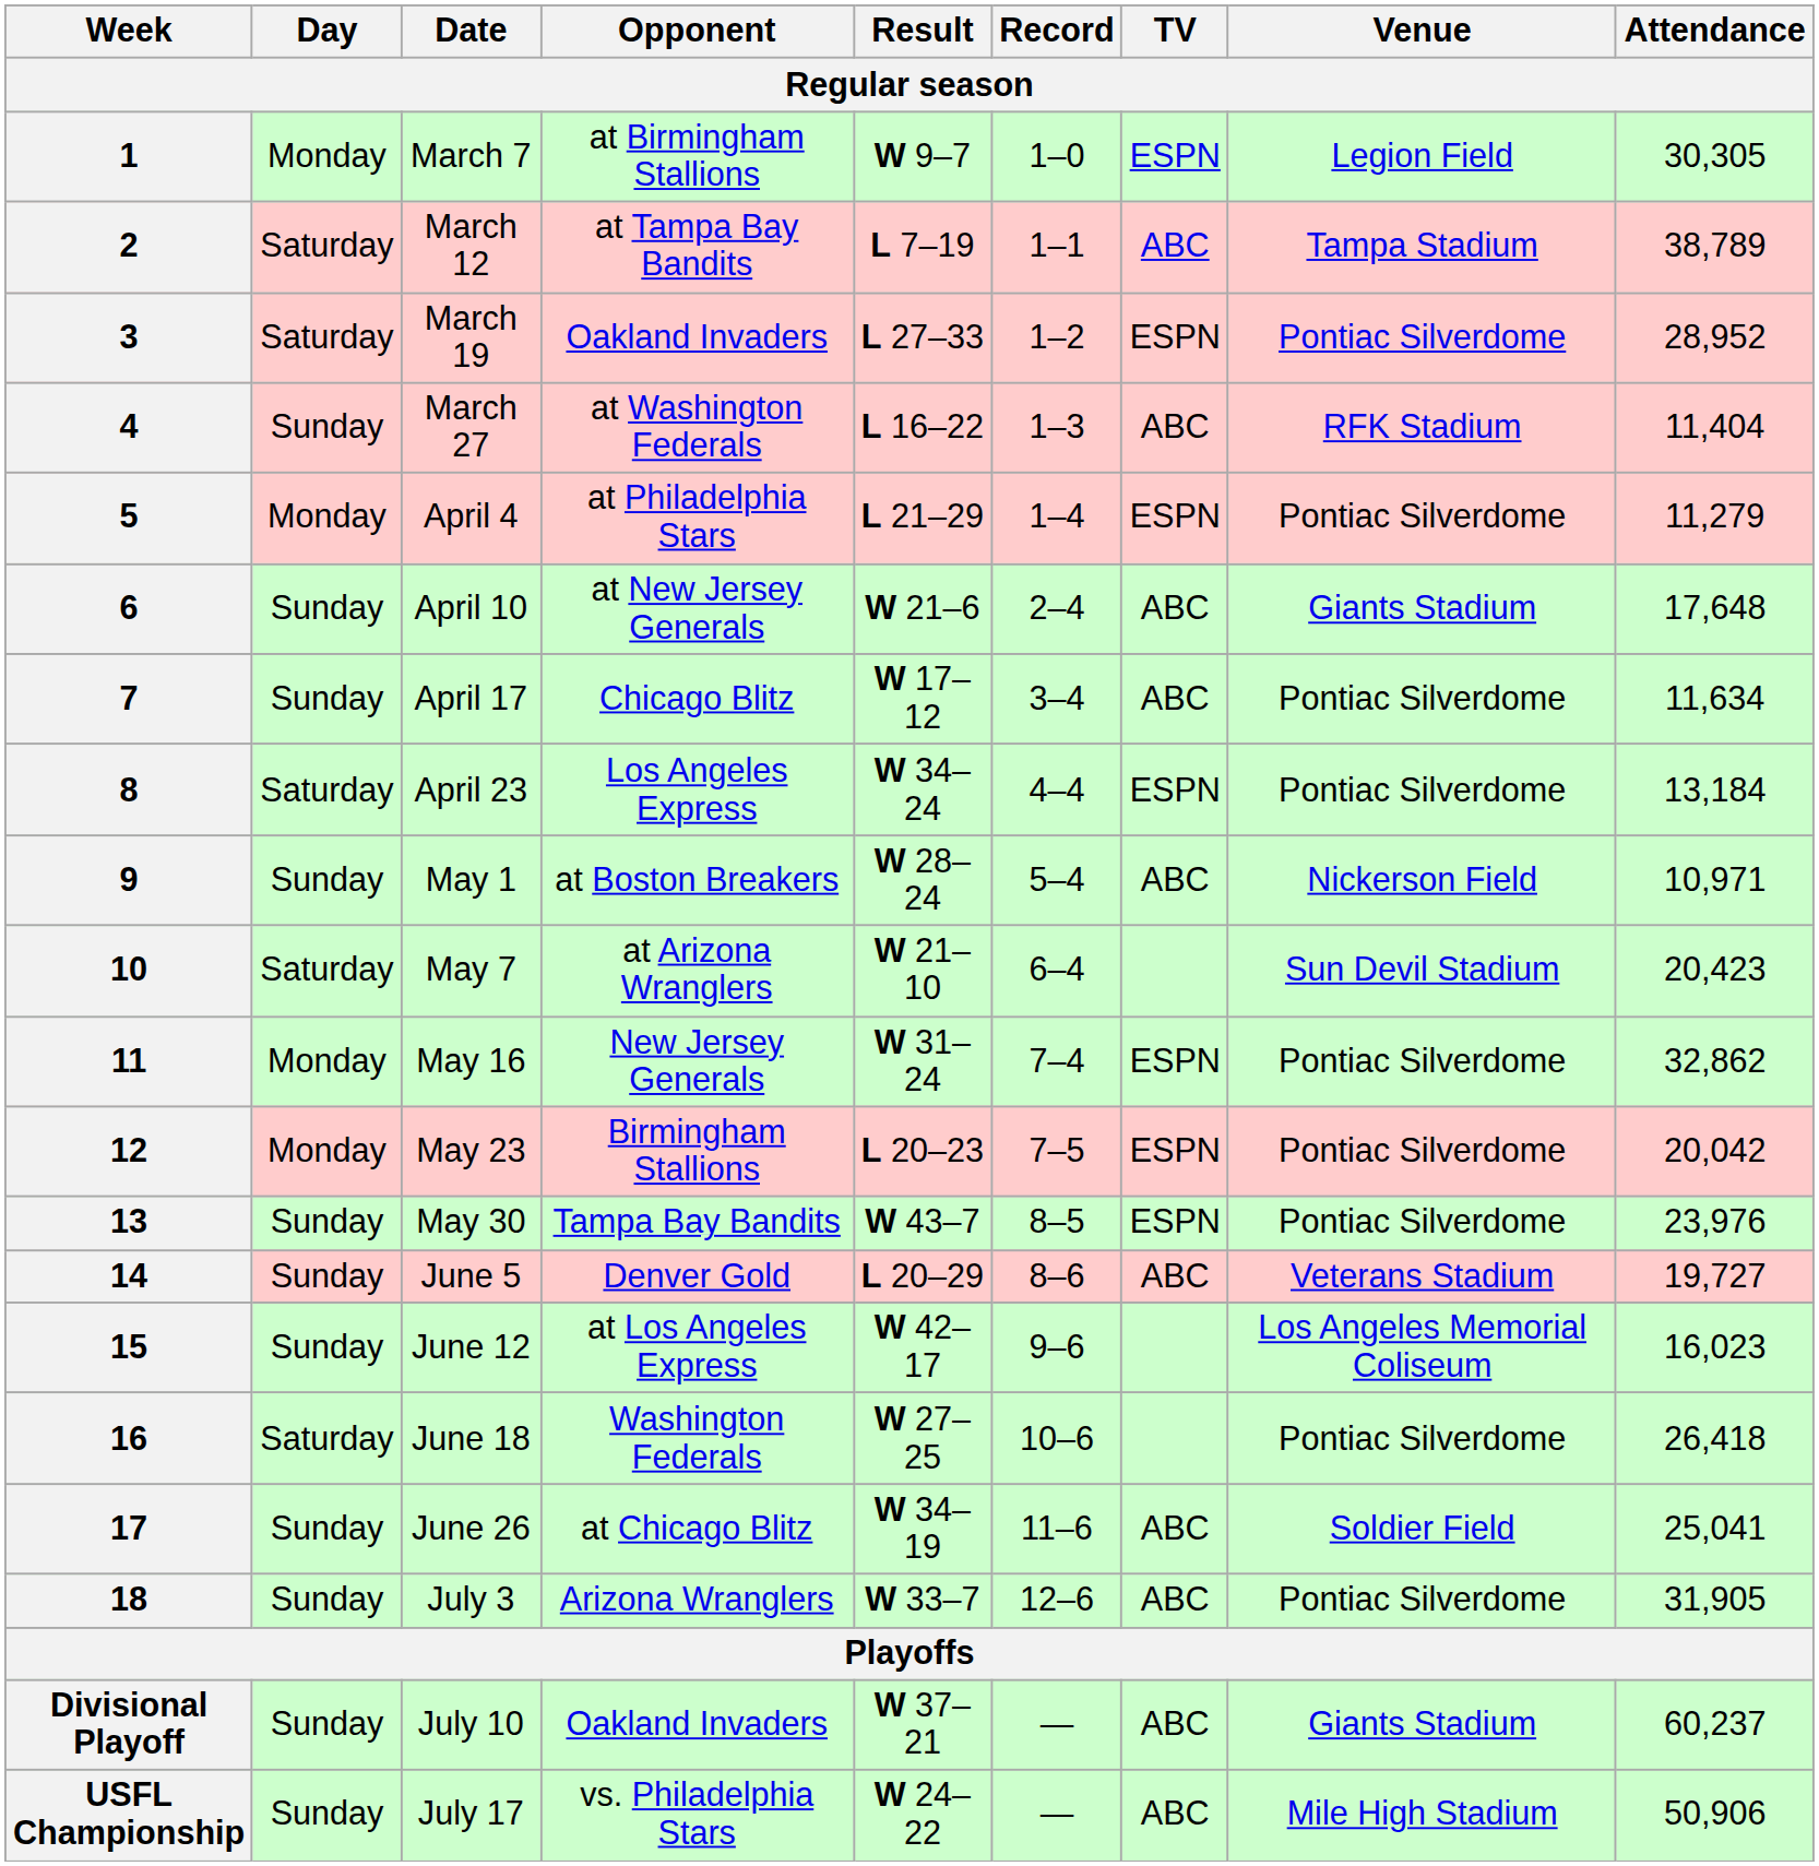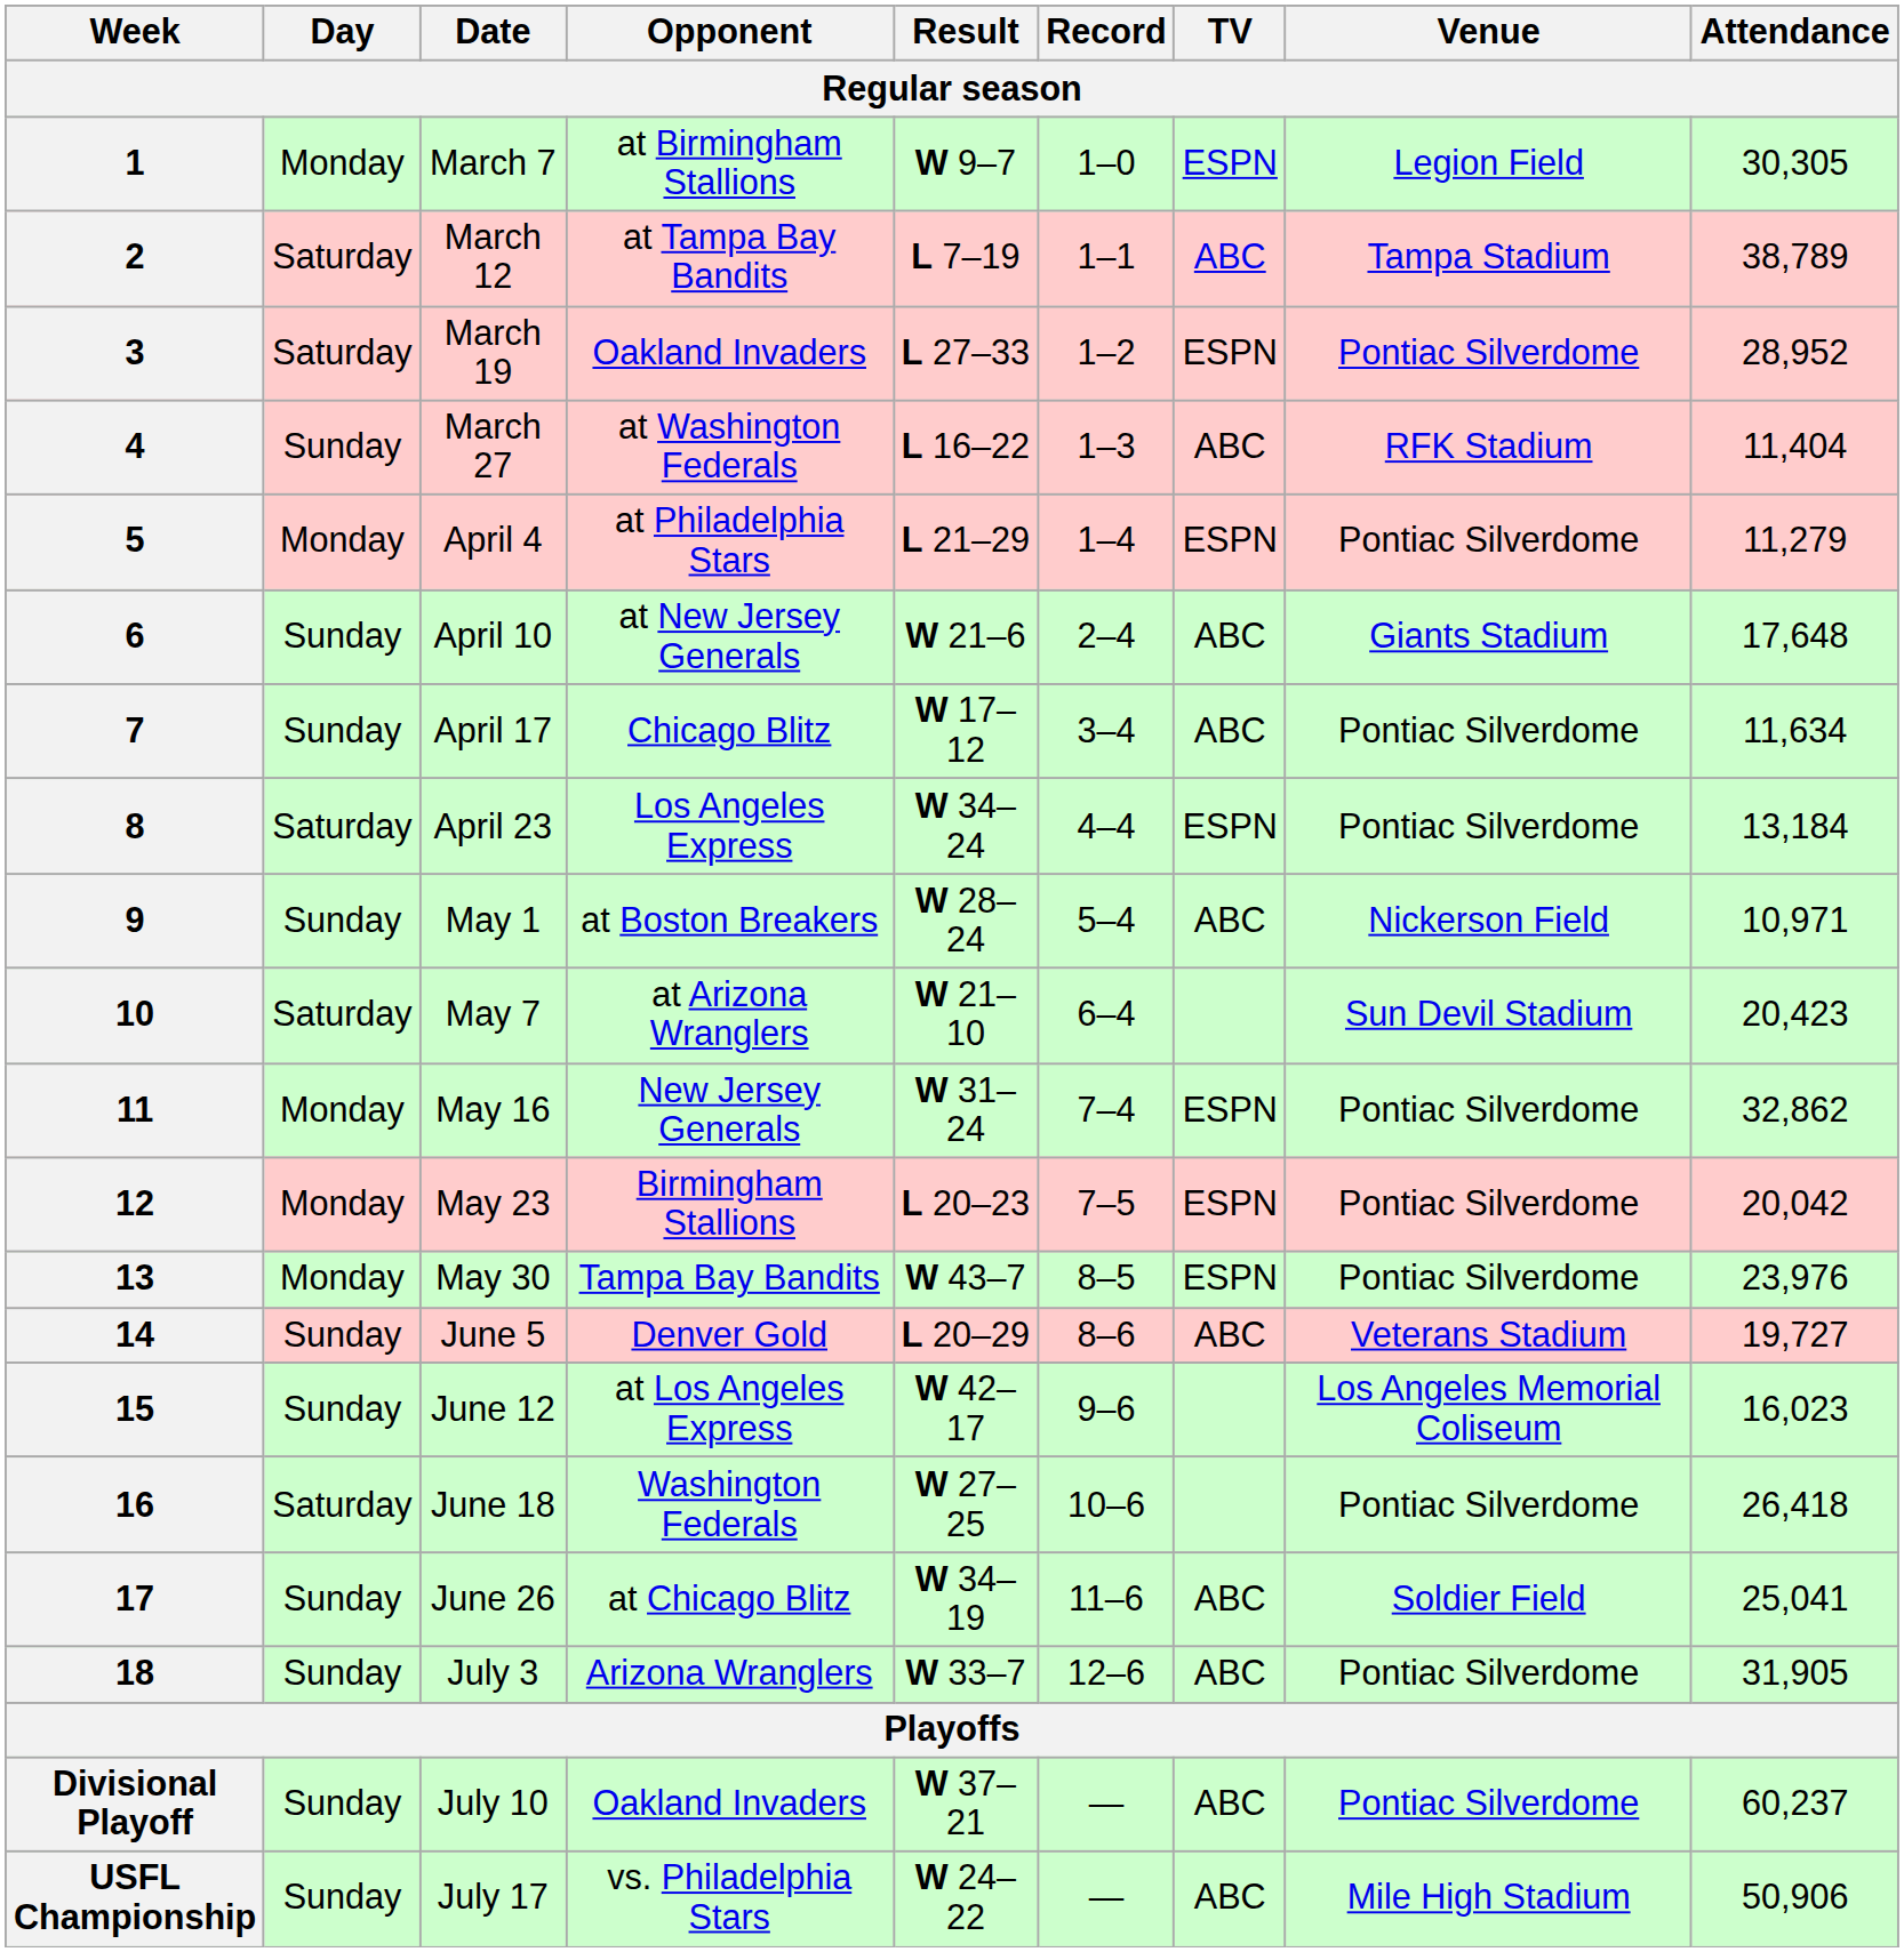 <table class="wikitable" style="text-align:center">
 <tr>
 <th>Week</th>
 <th>Day</th>
 <th>Date</th>
 <th>Opponent</th>
 <th>Result</th>
 <th>Record</th>
 <th>TV</th>
 <th>Venue</th>
 <th>Attendance</th>
 </tr>
 <tr>
 <th colspan="9">Regular season</th>
 </tr>
 <tr style="background:#cfc">
 <th>1</th>
 <td>Monday</td>
 <td>March 7</td>
 <td>at <a href='#'>Birmingham Stallions</a></td>
 <td><strong>W</strong> 9–7</td>
 <td>1–0</td>
 <td><a href='#'>ESPN</a></td>
 <td><a href='#'>Legion Field</a></td>
 <td>30,305</td>
 </tr>
 <tr style="background:#fcc">
 <th>2</th>
 <td>Saturday</td>
 <td>March 12</td>
 <td>at <a href='#'>Tampa Bay Bandits</a></td>
 <td><strong>L</strong> 7–19</td>
 <td>1–1</td>
 <td><a href='#'>ABC</a></td>
 <td><a href='#'>Tampa Stadium</a></td>
 <td>38,789</td>
 </tr>
 <tr style="background:#fcc">
 <th>3</th>
 <td>Saturday</td>
 <td>March 19</td>
 <td><a href='#'>Oakland Invaders</a></td>
 <td><strong>L</strong> 27–33</td>
 <td>1–2</td>
 <td>ESPN</td>
 <td><a href='#'>Pontiac Silverdome</a></td>
 <td>28,952</td>
 </tr>
 <tr style="background:#fcc">
 <th>4</th>
 <td>Sunday</td>
 <td>March 27</td>
 <td>at <a href='#'>Washington Federals</a></td>
 <td><strong>L</strong> 16–22 </td>
 <td>1–3</td>
 <td>ABC</td>
 <td><a href='#'>RFK Stadium</a></td>
 <td>11,404</td>
 </tr>
 <tr style="background:#fcc">
 <th>5</th>
 <td>Monday</td>
 <td>April 4</td>
 <td>at <a href='#'>Philadelphia Stars</a></td>
 <td><strong>L</strong> 21–29</td>
 <td>1–4</td>
 <td>ESPN</td>
 <td>Pontiac Silverdome</td>
 <td>11,279</td>
 </tr>
 <tr style="background:#cfc">
 <th>6</th>
 <td>Sunday</td>
 <td>April 10</td>
 <td>at <a href='#'>New Jersey Generals</a></td>
 <td><strong>W</strong> 21–6</td>
 <td>2–4</td>
 <td>ABC</td>
 <td><a href='#'>Giants Stadium</a></td>
 <td>17,648</td>
 </tr>
 <tr style="background:#cfc">
 <th>7</th>
 <td>Sunday</td>
 <td>April 17</td>
 <td><a href='#'>Chicago Blitz</a></td>
 <td><strong>W</strong> 17–12</td>
 <td>3–4</td>
 <td>ABC</td>
 <td>Pontiac Silverdome</td>
 <td>11,634</td>
 </tr>
 <tr style="background:#cfc">
 <th>8</th>
 <td>Saturday</td>
 <td>April 23</td>
 <td><a href='#'>Los Angeles Express</a></td>
 <td><strong>W</strong> 34–24</td>
 <td>4–4</td>
 <td>ESPN</td>
 <td>Pontiac Silverdome</td>
 <td>13,184</td>
 </tr>
 <tr style="background:#cfc">
 <th>9</th>
 <td>Sunday</td>
 <td>May 1</td>
 <td>at <a href='#'>Boston Breakers</a></td>
 <td><strong>W</strong> 28–24</td>
 <td>5–4</td>
 <td>ABC</td>
 <td><a href='#'>Nickerson Field</a></td>
 <td>10,971</td>
 </tr>
 <tr style="background:#cfc">
 <th>10</th>
 <td>Saturday</td>
 <td>May 7</td>
 <td>at <a href='#'>Arizona Wranglers</a></td>
 <td><strong>W</strong> 21–10</td>
 <td>6–4</td>
 <td></td>
 <td><a href='#'>Sun Devil Stadium</a></td>
 <td>20,423</td>
 </tr>
 <tr style="background:#cfc">
 <th>11</th>
 <td>Monday</td>
 <td>May 16</td>
 <td><a href='#'>New Jersey Generals</a></td>
 <td><strong>W</strong> 31–24</td>
 <td>7–4</td>
 <td>ESPN</td>
 <td>Pontiac Silverdome</td>
 <td>32,862</td>
 </tr>
 <tr style="background:#fcc">
 <th>12</th>
 <td>Monday</td>
 <td>May 23</td>
 <td><a href='#'>Birmingham Stallions</a></td>
 <td><strong>L</strong> 20–23 </td>
 <td>7–5</td>
 <td>ESPN</td>
 <td>Pontiac Silverdome</td>
 <td>20,042</td>
 </tr>
 <tr style="background:#cfc">
 <th>13</th>
-<td>Sunday</td>
+<td>Monday</td>
 <td>May 30</td>
 <td><a href='#'>Tampa Bay Bandits</a></td>
 <td><strong>W</strong> 43–7</td>
 <td>8–5</td>
 <td>ESPN</td>
 <td>Pontiac Silverdome</td>
 <td>23,976</td>
 </tr>
 <tr style="background:#fcc">
 <th>14</th>
 <td>Sunday</td>
 <td>June 5</td>
 <td><a href='#'>Denver Gold</a></td>
 <td><strong>L</strong> 20–29</td>
 <td>8–6</td>
 <td>ABC</td>
 <td><a href='#'>Veterans Stadium</a></td>
 <td>19,727</td>
 </tr>
 <tr style="background:#cfc">
 <th>15</th>
 <td>Sunday</td>
 <td>June 12</td>
 <td>at <a href='#'>Los Angeles Express</a></td>
 <td><strong>W</strong> 42–17</td>
 <td>9–6</td>
 <td></td>
 <td><a href='#'>Los Angeles Memorial Coliseum</a></td>
 <td>16,023</td>
 </tr>
 <tr style="background:#cfc">
 <th>16</th>
 <td>Saturday</td>
 <td>June 18</td>
 <td><a href='#'>Washington Federals</a></td>
 <td><strong>W</strong> 27–25</td>
 <td>10–6</td>
 <td></td>
 <td>Pontiac Silverdome</td>
 <td>26,418</td>
 </tr>
 <tr style="background:#cfc">
 <th>17</th>
 <td>Sunday</td>
 <td>June 26</td>
 <td>at <a href='#'>Chicago Blitz</a></td>
 <td><strong>W</strong> 34–19</td>
 <td>11–6</td>
 <td>ABC</td>
 <td><a href='#'>Soldier Field</a></td>
 <td>25,041</td>
 </tr>
 <tr style="background:#cfc">
 <th>18</th>
 <td>Sunday</td>
 <td>July 3</td>
 <td><a href='#'>Arizona Wranglers</a></td>
 <td><strong>W</strong> 33–7</td>
 <td>12–6</td>
 <td>ABC</td>
 <td>Pontiac Silverdome</td>
 <td>31,905</td>
 </tr>
 <tr>
 <th colspan="9">Playoffs</th>
 </tr>
 <tr style="background:#cfc">
 <th>Divisional<br>Playoff</th>
 <td>Sunday</td>
 <td>July 10</td>
 <td><a href='#'>Oakland Invaders</a></td>
 <td><strong>W</strong> 37–21</td>
 <td>—</td>
 <td>ABC</td>
-<td><a href='#'>Giants Stadium</a></td>
+<td><a href='#'>Pontiac Silverdome</a></td>
 <td>60,237</td>
 </tr>
 <tr style="background:#cfc">
 <th>USFL<br>Championship</th>
 <td>Sunday</td>
 <td>July 17</td>
 <td>vs. <a href='#'>Philadelphia Stars</a></td>
 <td><strong>W</strong> 24–22</td>
 <td>—</td>
 <td>ABC</td>
 <td><a href='#'>Mile High Stadium</a></td>
 <td>50,906</td>
 </tr>
 </table>
